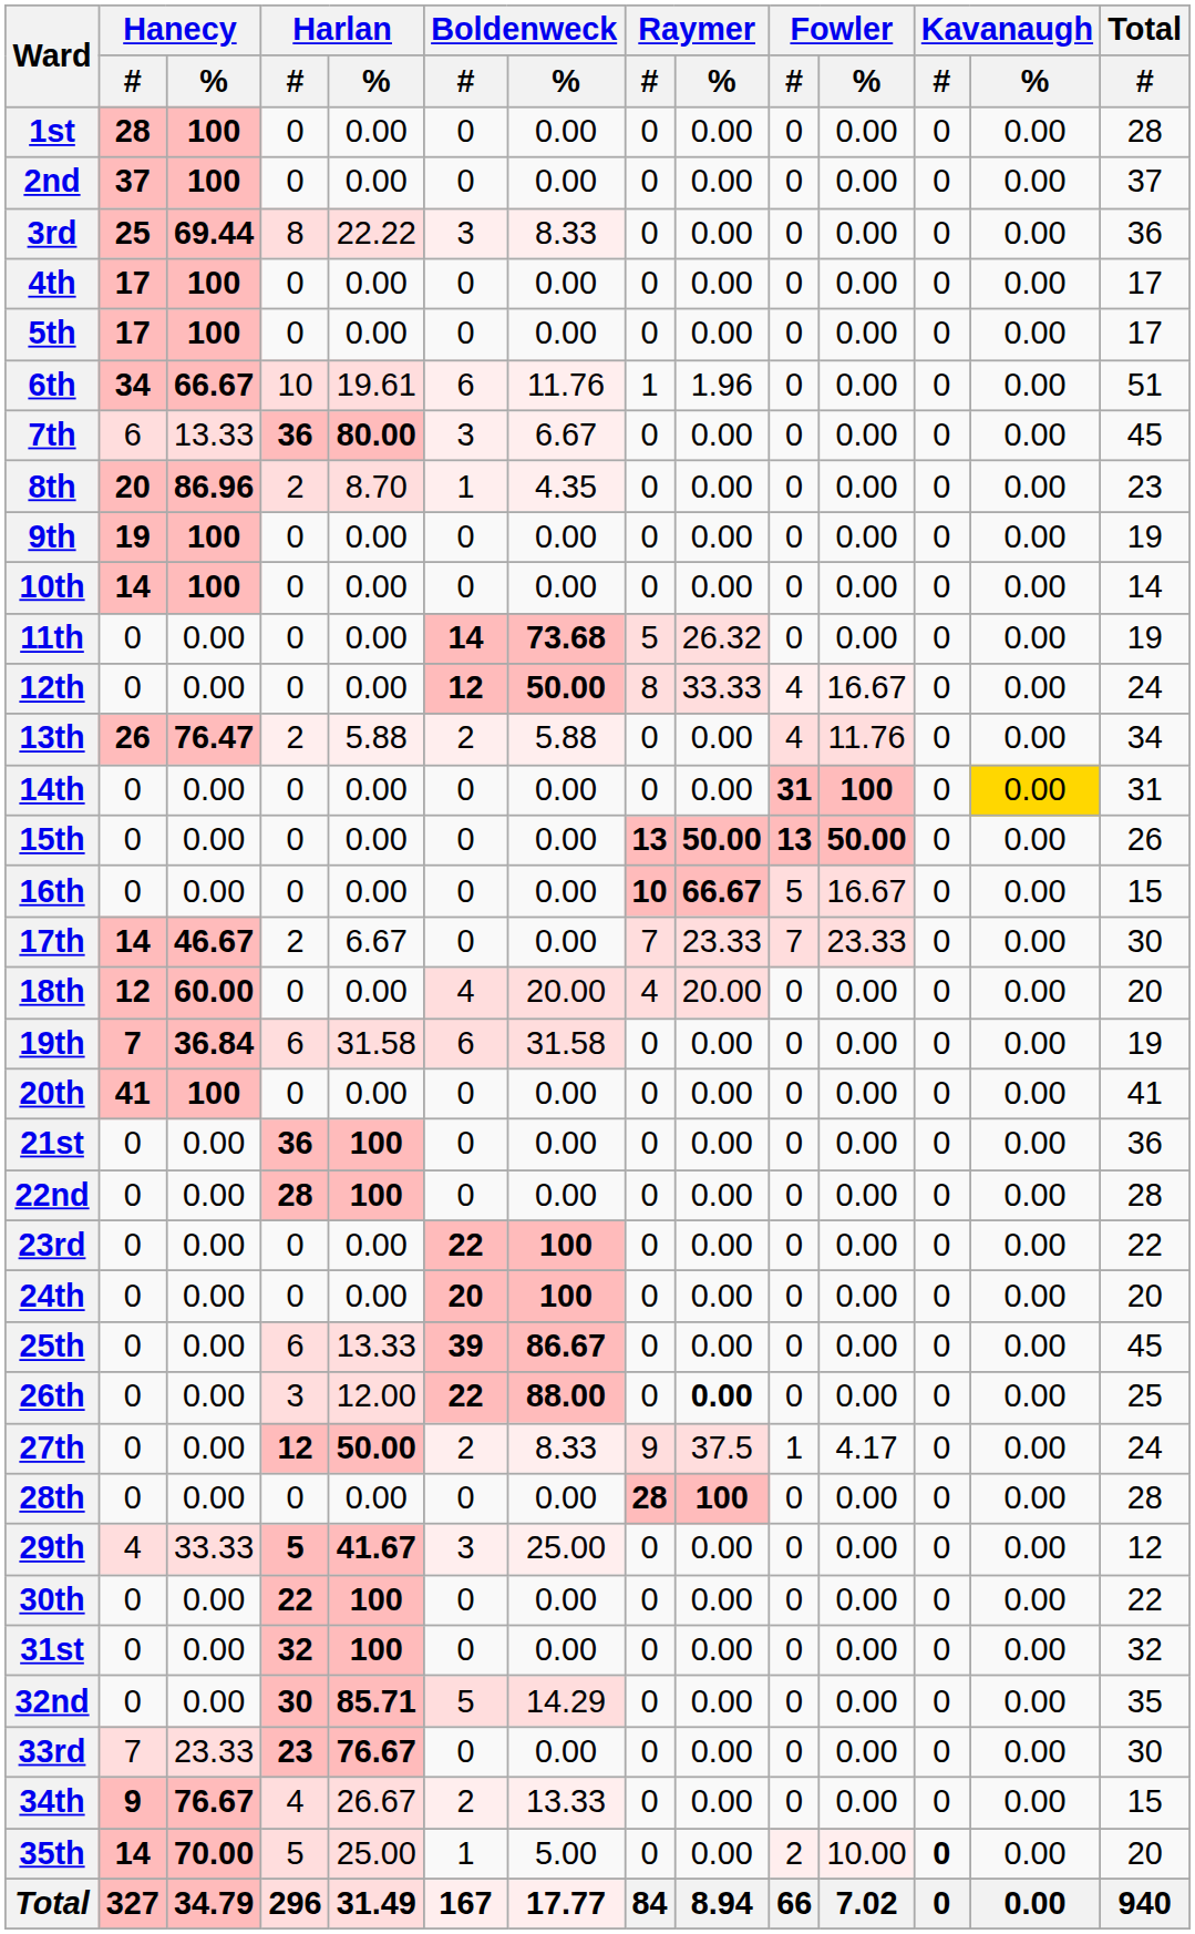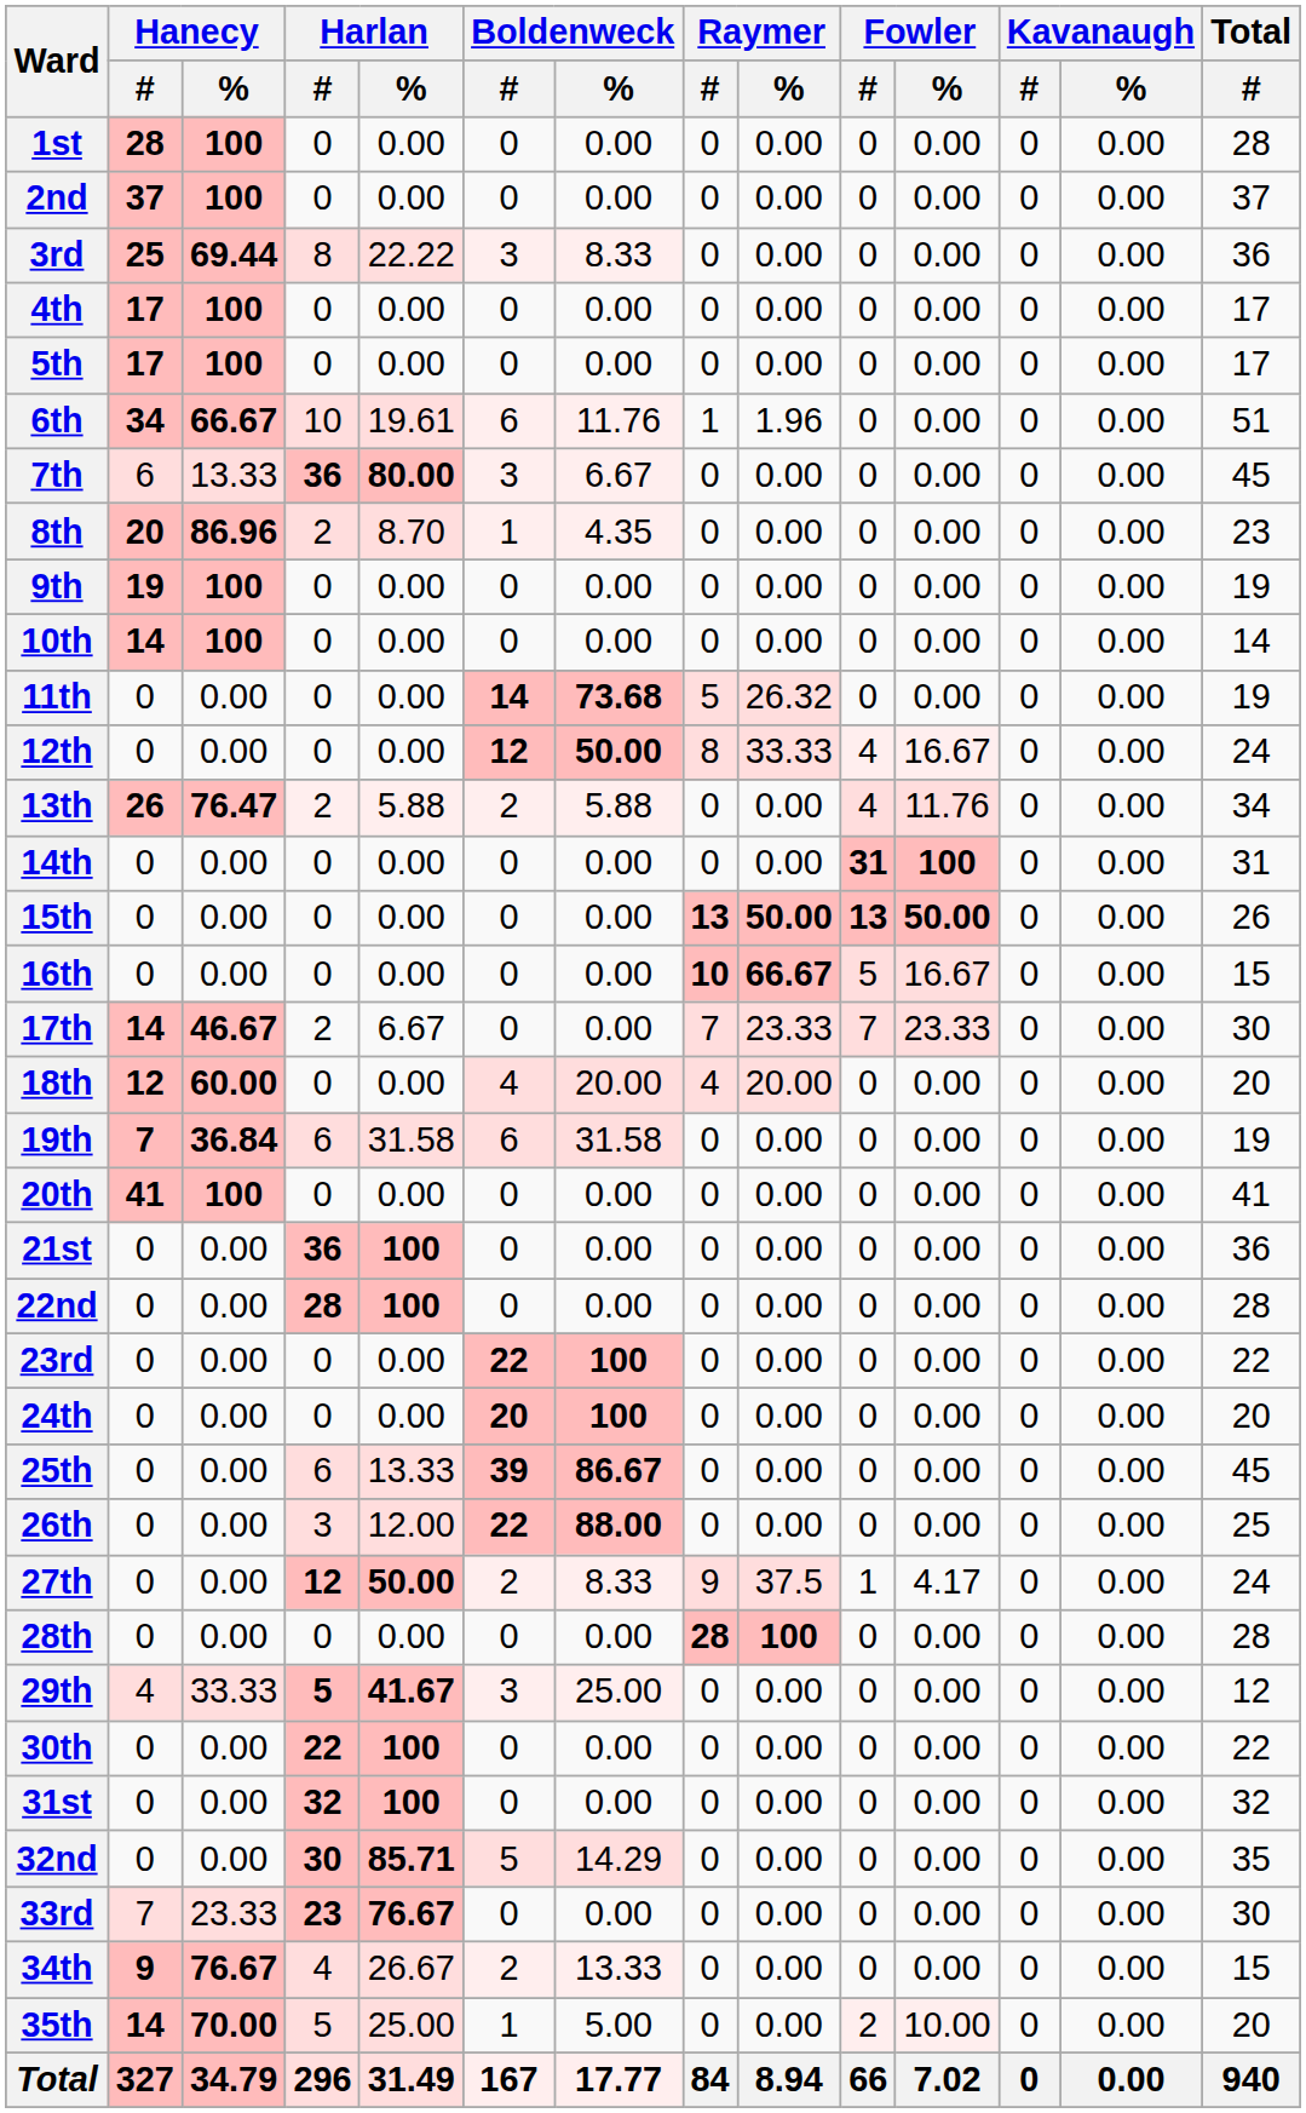 <table class="wikitable mw-collapsible mw-collapsed" style="text-align: center">
 <tr>
 <th rowspan=2>Ward</th>
 <th colspan=2><a href='#'>Hanecy</a></th>
 <th colspan=2><a href='#'>Harlan</a></th>
 <th colspan=2><a href='#'>Boldenweck</a></th>
 <th colspan=2><a href='#'>Raymer</a></th>
 <th colspan=2><a href='#'>Fowler</a></th>
 <th colspan=2><a href='#'>Kavanaugh</a></th>
 <th>Total</th>
 </tr>
 <tr>
 <th>#</th>
 <th>%</th>
 <th>#</th>
 <th>%</th>
 <th>#</th>
 <th>%</th>
 <th>#</th>
 <th>%</th>
 <th>#</th>
 <th>%</th>
 <th>#</th>
 <th>%</th>
 <th>#</th>
 </tr>
 <tr>
 <th><a href='#'>1st</a></th>
 <td style="background:#fbb;"><strong>28</strong></td>
 <td style="background:#fbb;"><strong>100</strong></td>
 <td>0</td>
 <td>0.00</td>
 <td>0</td>
 <td>0.00</td>
 <td>0</td>
 <td>0.00</td>
 <td>0</td>
 <td>0.00</td>
 <td>0</td>
 <td>0.00</td>
 <td>28</td>
 </tr>
 <tr>
 <th><a href='#'>2nd</a></th>
 <td style="background:#fbb;"><strong>37</strong></td>
 <td style="background:#fbb;"><strong>100</strong></td>
 <td>0</td>
 <td>0.00</td>
 <td>0</td>
 <td>0.00</td>
 <td>0</td>
 <td>0.00</td>
 <td>0</td>
 <td>0.00</td>
 <td>0</td>
 <td>0.00</td>
 <td>37</td>
 </tr>
 <tr>
 <th><a href='#'>3rd</a></th>
 <td style="background:#fbb;"><strong>25</strong></td>
 <td style="background:#fbb;"><strong>69.44</strong></td>
 <td style="background:#fdd;">8</td>
 <td style="background:#fdd;">22.22</td>
 <td style="background:#fee;">3</td>
 <td style="background:#fee;">8.33</td>
 <td>0</td>
 <td>0.00</td>
 <td>0</td>
 <td>0.00</td>
 <td>0</td>
 <td>0.00</td>
 <td>36</td>
 </tr>
 <tr>
 <th><a href='#'>4th</a></th>
 <td style="background:#fbb;"><strong>17</strong></td>
 <td style="background:#fbb;"><strong>100</strong></td>
 <td>0</td>
 <td>0.00</td>
 <td>0</td>
 <td>0.00</td>
 <td>0</td>
 <td>0.00</td>
 <td>0</td>
 <td>0.00</td>
 <td>0</td>
 <td>0.00</td>
 <td>17</td>
 </tr>
 <tr>
 <th><a href='#'>5th</a></th>
 <td style="background:#fbb;"><strong>17</strong></td>
 <td style="background:#fbb;"><strong>100</strong></td>
 <td>0</td>
 <td>0.00</td>
 <td>0</td>
 <td>0.00</td>
 <td>0</td>
 <td>0.00</td>
 <td>0</td>
 <td>0.00</td>
 <td>0</td>
 <td>0.00</td>
 <td>17</td>
 </tr>
 <tr>
 <th><a href='#'>6th</a></th>
 <td style="background:#fbb;"><strong>34</strong></td>
 <td style="background:#fbb;"><strong>66.67</strong></td>
 <td style="background:#fdd;">10</td>
 <td style="background:#fdd;">19.61</td>
 <td style="background:#fee;">6</td>
 <td style="background:#fee;">11.76</td>
 <td>1</td>
 <td>1.96</td>
 <td>0</td>
 <td>0.00</td>
 <td>0</td>
 <td>0.00</td>
 <td>51</td>
 </tr>
 <tr>
 <th><a href='#'>7th</a></th>
 <td style="background:#fdd;">6</td>
 <td style="background:#fdd;">13.33</td>
 <td style="background:#fbb;"><strong>36</strong></td>
 <td style="background:#fbb;"><strong>80.00</strong></td>
 <td style="background:#fee;">3</td>
 <td style="background:#fee;">6.67</td>
 <td>0</td>
 <td>0.00</td>
 <td>0</td>
 <td>0.00</td>
 <td>0</td>
 <td>0.00</td>
 <td>45</td>
 </tr>
 <tr>
 <th><a href='#'>8th</a></th>
 <td style="background:#fbb;"><strong>20</strong></td>
 <td style="background:#fbb;"><strong>86.96</strong></td>
 <td style="background:#fdd;">2</td>
 <td style="background:#fdd;">8.70</td>
 <td style="background:#fee;">1</td>
 <td style="background:#fee;">4.35</td>
 <td>0</td>
 <td>0.00</td>
 <td>0</td>
 <td>0.00</td>
 <td>0</td>
 <td>0.00</td>
 <td>23</td>
 </tr>
 <tr>
 <th><a href='#'>9th</a></th>
 <td style="background:#fbb;"><strong>19</strong></td>
 <td style="background:#fbb;"><strong>100</strong></td>
 <td>0</td>
 <td>0.00</td>
 <td>0</td>
 <td>0.00</td>
 <td>0</td>
 <td>0.00</td>
 <td>0</td>
 <td>0.00</td>
 <td>0</td>
 <td>0.00</td>
 <td>19</td>
 </tr>
 <tr>
 <th><a href='#'>10th</a></th>
 <td style="background:#fbb;"><strong>14</strong></td>
 <td style="background:#fbb;"><strong>100</strong></td>
 <td>0</td>
 <td>0.00</td>
 <td>0</td>
 <td>0.00</td>
 <td>0</td>
 <td>0.00</td>
 <td>0</td>
 <td>0.00</td>
 <td>0</td>
 <td>0.00</td>
 <td>14</td>
 </tr>
 <tr>
 <th><a href='#'>11th</a></th>
 <td>0</td>
 <td>0.00</td>
 <td>0</td>
 <td>0.00</td>
 <td style="background:#fbb;"><strong>14</strong></td>
 <td style="background:#fbb;"><strong>73.68</strong></td>
 <td style="background:#fdd;">5</td>
 <td style="background:#fdd;">26.32</td>
 <td>0</td>
 <td>0.00</td>
 <td>0</td>
 <td>0.00</td>
 <td>19</td>
 </tr>
 <tr>
 <th><a href='#'>12th</a></th>
 <td>0</td>
 <td>0.00</td>
 <td>0</td>
 <td>0.00</td>
 <td style="background:#fbb;"><strong>12</strong></td>
 <td style="background:#fbb;"><strong>50.00</strong></td>
 <td style="background:#fdd;">8</td>
 <td style="background:#fdd;">33.33</td>
 <td style="background:#fee;">4</td>
 <td style="background:#fee;">16.67</td>
 <td>0</td>
 <td>0.00</td>
 <td>24</td>
 </tr>
 <tr>
 <th><a href='#'>13th</a></th>
 <td style="background:#fbb;"><strong>26</strong></td>
 <td style="background:#fbb;"><strong>76.47</strong></td>
 <td style="background:#fee;">2</td>
 <td style="background:#fee;">5.88</td>
 <td style="background:#fee;">2</td>
 <td style="background:#fee;">5.88</td>
 <td>0</td>
 <td>0.00</td>
 <td style="background:#fdd;">4</td>
 <td style="background:#fdd;">11.76</td>
 <td>0</td>
 <td>0.00</td>
 <td>34</td>
 </tr>
 <tr>
 <th><a href='#'>14th</a></th>
 <td>0</td>
 <td>0.00</td>
 <td>0</td>
 <td>0.00</td>
 <td>0</td>
 <td>0.00</td>
 <td>0</td>
 <td>0.00</td>
 <td style="background:#fbb;"><strong>31</strong></td>
 <td style="background:#fbb;"><strong>100</strong></td>
 <td>0</td>
-<td style="background: gold;">0.00</td>
+<td>0.00</td>
 <td>31</td>
 </tr>
 <tr>
 <th><a href='#'>15th</a></th>
 <td>0</td>
 <td>0.00</td>
 <td>0</td>
 <td>0.00</td>
 <td>0</td>
 <td>0.00</td>
 <td style="background:#fbb;"><strong>13</strong></td>
 <td style="background:#fbb;"><strong>50.00</strong></td>
 <td style="background:#fbb;"><strong>13</strong></td>
 <td style="background:#fbb;"><strong>50.00</strong></td>
 <td>0</td>
 <td>0.00</td>
 <td>26</td>
 </tr>
 <tr>
 <th><a href='#'>16th</a></th>
 <td>0</td>
 <td>0.00</td>
 <td>0</td>
 <td>0.00</td>
 <td>0</td>
 <td>0.00</td>
 <td style="background:#fbb;"><strong>10 </strong></td>
 <td style="background:#fbb;"><strong>66.67</strong></td>
 <td style="background:#fdd;">5</td>
 <td style="background:#fdd;">16.67</td>
 <td>0</td>
 <td>0.00</td>
 <td>15</td>
 </tr>
 <tr>
 <th><a href='#'>17th</a></th>
 <td style="background:#fbb;"><strong>14</strong></td>
 <td style="background:#fbb;"><strong>46.67</strong></td>
 <td>2</td>
 <td>6.67</td>
 <td>0</td>
 <td>0.00</td>
 <td style="background:#fdd;">7</td>
 <td style="background:#fdd;">23.33</td>
 <td style="background:#fdd;">7</td>
 <td style="background:#fdd;">23.33</td>
 <td>0</td>
 <td>0.00</td>
 <td>30</td>
 </tr>
 <tr>
 <th><a href='#'>18th</a></th>
 <td style="background:#fbb;"><strong>12</strong></td>
 <td style="background:#fbb;"><strong>60.00</strong></td>
 <td>0</td>
 <td>0.00</td>
 <td style="background:#fdd;">4</td>
 <td style="background:#fdd;">20.00</td>
 <td style="background:#fdd;">4</td>
 <td style="background:#fdd;">20.00</td>
 <td>0</td>
 <td>0.00</td>
 <td>0</td>
 <td>0.00</td>
 <td>20</td>
 </tr>
 <tr>
 <th><a href='#'>19th</a></th>
 <td style="background:#fbb;"><strong>7</strong></td>
 <td style="background:#fbb;"><strong>36.84</strong></td>
 <td style="background:#fdd;">6</td>
 <td style="background:#fdd;">31.58</td>
 <td style="background:#fdd;">6</td>
 <td style="background:#fdd;">31.58</td>
 <td>0</td>
 <td>0.00</td>
 <td>0</td>
 <td>0.00</td>
 <td>0</td>
 <td>0.00</td>
 <td>19</td>
 </tr>
 <tr>
 <th><a href='#'>20th</a></th>
 <td style="background:#fbb;"><strong>41</strong></td>
 <td style="background:#fbb;"><strong>100</strong></td>
 <td>0</td>
 <td>0.00</td>
 <td>0</td>
 <td>0.00</td>
 <td>0</td>
 <td>0.00</td>
 <td>0</td>
 <td>0.00</td>
 <td>0</td>
 <td>0.00</td>
 <td>41</td>
 </tr>
 <tr>
 <th><a href='#'>21st</a></th>
 <td>0</td>
 <td>0.00</td>
 <td style="background:#fbb;"><strong>36</strong></td>
 <td style="background:#fbb;"><strong>100</strong></td>
 <td>0</td>
 <td>0.00</td>
 <td>0</td>
 <td>0.00</td>
 <td>0</td>
 <td>0.00</td>
 <td>0</td>
 <td>0.00</td>
 <td>36</td>
 </tr>
 <tr>
 <th><a href='#'>22nd</a></th>
 <td>0</td>
 <td>0.00</td>
 <td style="background:#fbb;"><strong>28</strong></td>
 <td style="background:#fbb;"><strong>100</strong></td>
 <td>0</td>
 <td>0.00</td>
 <td>0</td>
 <td>0.00</td>
 <td>0</td>
 <td>0.00</td>
 <td>0</td>
 <td>0.00</td>
 <td>28</td>
 </tr>
 <tr>
 <th><a href='#'>23rd</a></th>
 <td>0</td>
 <td>0.00</td>
 <td>0</td>
 <td>0.00</td>
 <td style="background:#fbb;"><strong>22</strong></td>
 <td style="background:#fbb;"><strong>100</strong></td>
 <td>0</td>
 <td>0.00</td>
 <td>0</td>
 <td>0.00</td>
 <td>0</td>
 <td>0.00</td>
 <td>22</td>
 </tr>
 <tr>
 <th><a href='#'>24th</a></th>
 <td>0</td>
 <td>0.00</td>
 <td>0</td>
 <td>0.00</td>
 <td style="background:#fbb;"><strong>20</strong></td>
 <td style="background:#fbb;"><strong>100</strong></td>
 <td>0</td>
 <td>0.00</td>
 <td>0</td>
 <td>0.00</td>
 <td>0</td>
 <td>0.00</td>
 <td>20</td>
 </tr>
 <tr>
 <th><a href='#'>25th</a></th>
 <td>0</td>
 <td>0.00</td>
 <td style="background:#fdd;">6</td>
 <td style="background:#fdd;">13.33</td>
 <td style="background:#fbb;"><strong>39</strong></td>
 <td style="background:#fbb;"><strong>86.67</strong></td>
 <td>0</td>
 <td>0.00</td>
 <td>0</td>
 <td>0.00</td>
 <td>0</td>
 <td>0.00</td>
 <td>45</td>
 </tr>
 <tr>
 <th><a href='#'>26th</a></th>
 <td>0</td>
 <td>0.00</td>
 <td style="background:#fdd;">3</td>
 <td style="background:#fdd;">12.00</td>
 <td style="background:#fbb;"><strong>22</strong></td>
 <td style="background:#fbb;"><strong>88.00</strong></td>
 <td>0</td>
-<td><strong>0.00</strong></td>
+<td>0.00</td>
 <td>0</td>
 <td>0.00</td>
 <td>0</td>
 <td>0.00</td>
 <td>25</td>
 </tr>
 <tr>
 <th><a href='#'>27th</a></th>
 <td>0</td>
 <td>0.00</td>
 <td style="background:#fbb;"><strong>12</strong></td>
 <td style="background:#fbb;"><strong>50.00</strong></td>
 <td style="background:#fee;">2</td>
 <td style="background:#fee;">8.33</td>
 <td style="background:#fdd;">9</td>
 <td style="background:#fdd;">37.5</td>
 <td>1</td>
 <td>4.17</td>
 <td>0</td>
 <td>0.00</td>
 <td>24</td>
 </tr>
 <tr>
 <th><a href='#'>28th</a></th>
 <td>0</td>
 <td>0.00</td>
 <td>0</td>
 <td>0.00</td>
 <td>0</td>
 <td>0.00</td>
 <td style="background:#fbb;"><strong>28</strong></td>
 <td style="background:#fbb;"><strong>100</strong></td>
 <td>0</td>
 <td>0.00</td>
 <td>0</td>
 <td>0.00</td>
 <td>28</td>
 </tr>
 <tr>
 <th><a href='#'>29th</a></th>
 <td style="background:#fdd;">4</td>
 <td style="background:#fdd;">33.33</td>
 <td style="background:#fbb;"><strong>5</strong></td>
 <td style="background:#fbb;"><strong>41.67</strong></td>
 <td style="background:#fee;">3</td>
 <td style="background:#fee;">25.00</td>
 <td>0</td>
 <td>0.00</td>
 <td>0</td>
 <td>0.00</td>
 <td>0</td>
 <td>0.00</td>
 <td>12</td>
 </tr>
 <tr>
 <th><a href='#'>30th</a></th>
 <td>0</td>
 <td>0.00</td>
 <td style="background:#fbb;"><strong>22</strong></td>
 <td style="background:#fbb;"><strong>100</strong></td>
 <td>0</td>
 <td>0.00</td>
 <td>0</td>
 <td>0.00</td>
 <td>0</td>
 <td>0.00</td>
 <td>0</td>
 <td>0.00</td>
 <td>22</td>
 </tr>
 <tr>
 <th><a href='#'>31st</a></th>
 <td>0</td>
 <td>0.00</td>
 <td style="background:#fbb;"><strong>32</strong></td>
 <td style="background:#fbb;"><strong>100</strong></td>
 <td>0</td>
 <td>0.00</td>
 <td>0</td>
 <td>0.00</td>
 <td>0</td>
 <td>0.00</td>
 <td>0</td>
 <td>0.00</td>
 <td>32</td>
 </tr>
 <tr>
 <th><a href='#'>32nd</a></th>
 <td>0</td>
 <td>0.00</td>
 <td style="background:#fbb;"><strong>30</strong></td>
 <td style="background:#fbb;"><strong>85.71</strong></td>
 <td style="background:#fdd;">5</td>
 <td style="background:#fdd;">14.29</td>
 <td>0</td>
 <td>0.00</td>
 <td>0</td>
 <td>0.00</td>
 <td>0</td>
 <td>0.00</td>
 <td>35</td>
 </tr>
 <tr>
 <th><a href='#'>33rd</a></th>
 <td style="background:#fdd;">7</td>
 <td style="background:#fdd;">23.33</td>
 <td style="background:#fbb;"><strong>23</strong></td>
 <td style="background:#fbb;"><strong>76.67</strong></td>
 <td>0</td>
 <td>0.00</td>
 <td>0</td>
 <td>0.00</td>
 <td>0</td>
 <td>0.00</td>
 <td>0</td>
 <td>0.00</td>
 <td>30</td>
 </tr>
 <tr>
 <th><a href='#'>34th</a></th>
 <td style="background:#fbb;"><strong>9</strong></td>
 <td style="background:#fbb;"><strong>76.67</strong></td>
 <td style="background:#fdd;">4</td>
 <td style="background:#fdd;">26.67</td>
 <td style="background:#fee;">2</td>
 <td style="background:#fee;">13.33</td>
 <td>0</td>
 <td>0.00</td>
 <td>0</td>
 <td>0.00</td>
 <td>0</td>
 <td>0.00</td>
 <td>15</td>
 </tr>
 <tr>
 <th><a href='#'>35th</a></th>
 <td style="background:#fbb;"><strong>14</strong></td>
 <td style="background:#fbb;"><strong>70.00</strong></td>
 <td style="background:#fdd;">5</td>
 <td style="background:#fdd;">25.00</td>
 <td>1</td>
 <td>5.00</td>
 <td>0</td>
 <td>0.00</td>
 <td style="background:#fee;">2</td>
 <td style="background:#fee;">10.00</td>
-<td><strong>0</strong></td>
+<td>0</td>
 <td>0.00</td>
 <td>20</td>
 </tr>
 <tr>
 <th><em>Total</em></th>
 <th style="background:#fbb;">327</th>
 <th style="background:#fbb;">34.79</th>
 <th style="background:#fdd;">296</th>
 <th style="background:#fdd;">31.49</th>
 <th style="background:#fee;">167</th>
 <th style="background:#fee;">17.77</th>
 <th>84</th>
 <th>8.94</th>
 <th>66</th>
 <th>7.02</th>
 <th>0</th>
 <th>0.00</th>
 <th>940</th>
 </tr>
 </table>
